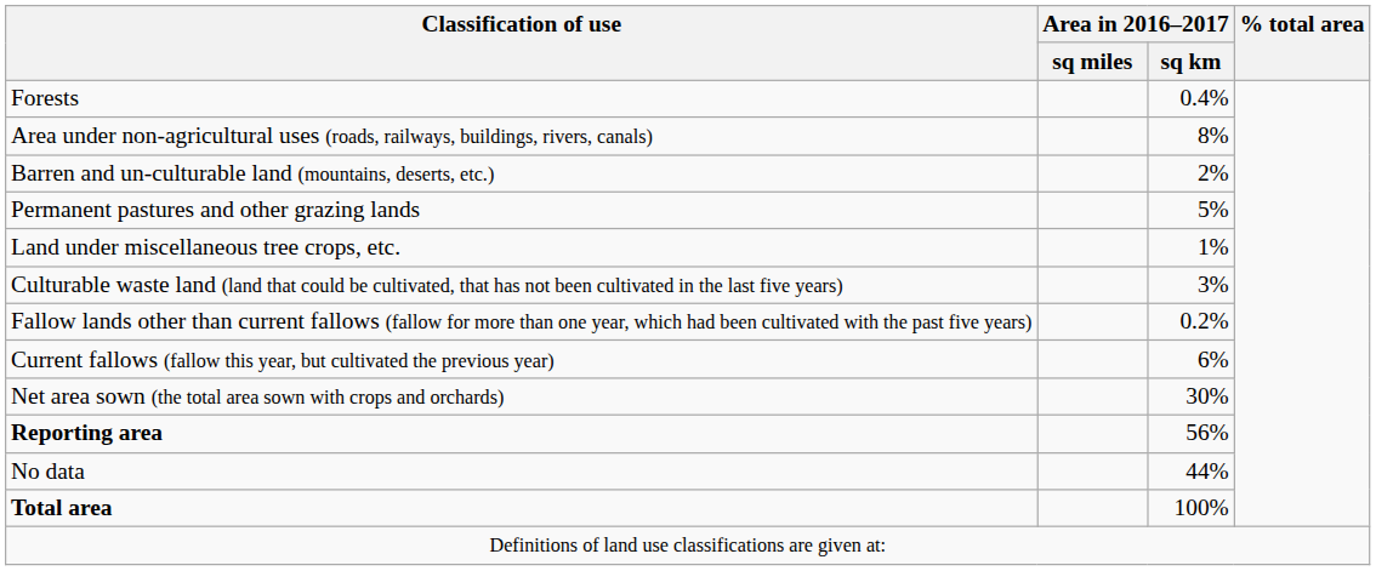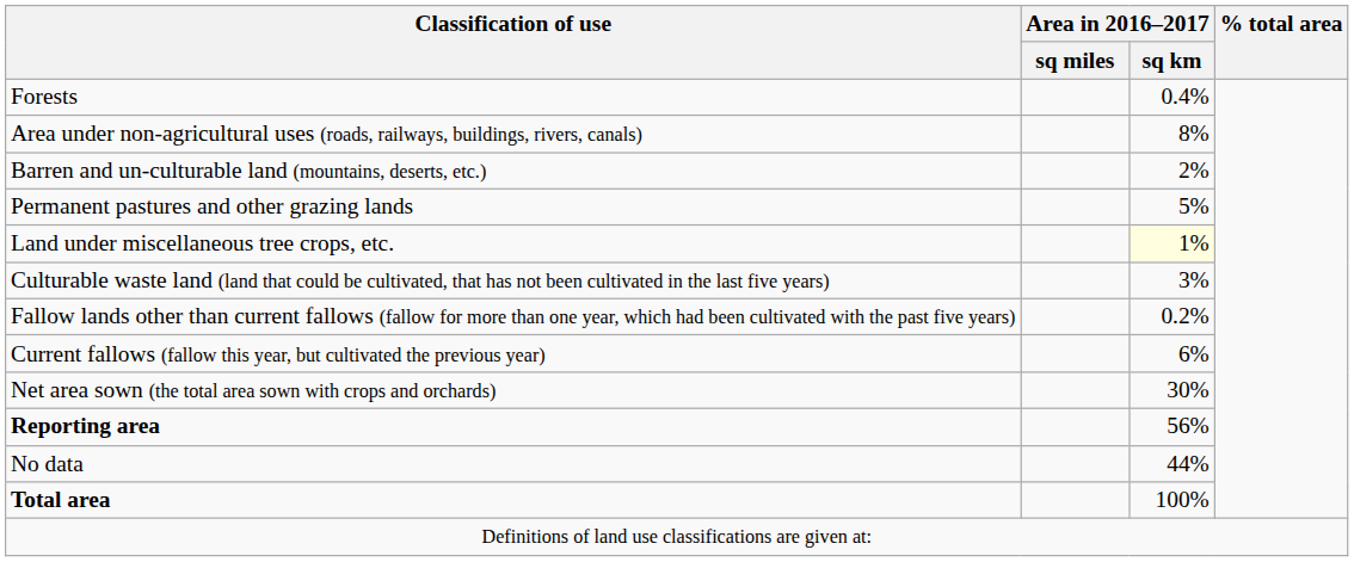 <table class="wikitable sortable mw-collapsible">
 <tr style="vertical-align:top;">
 <th rowspan=2>Classification of use</th>
 <th colspan=2>Area in 2016–2017</th>
 <th rowspan=2>% total area</th>
 </tr>
 <tr style="vertical-align:top;">
 <th>sq miles</th>
 <th>sq km</th>
 </tr>
 <tr style="vertical-align:top;">
 <td>Forests</td>
 <td></td>
 <td style="text-align:right">0.4%</td>
 </tr>
 <tr style="vertical-align:top;">
 <td>Area under non-agricultural uses <small>(roads, railways, buildings, rivers, canals)</small></td>
 <td></td>
 <td style="text-align:right">8%</td>
 </tr>
 <tr style="vertical-align:top;">
 <td>Barren and un-culturable land <small>(mountains, deserts, etc.)</small></td>
 <td></td>
 <td style="text-align:right">2%</td>
 </tr>
 <tr style="vertical-align:top;">
 <td>Permanent pastures and other grazing lands</td>
 <td></td>
 <td style="text-align:right">5%</td>
 </tr>
 <tr style="vertical-align:top;">
 <td>Land under miscellaneous tree crops, etc.</td>
 <td></td>
-<td style="text-align:right">1%</td>
+<td style="background: lightyellow; text-align:right">1%</td>
 </tr>
 <tr style="vertical-align:top;">
 <td>Culturable waste land <small>(land that could be cultivated, that has not been cultivated in the last five years)</small></td>
 <td></td>
 <td style="text-align:right">3%</td>
 </tr>
 <tr style="vertical-align:top;">
 <td>Fallow lands other than current fallows <small>(fallow for more than one year, which had been cultivated with the past five years)</small></td>
 <td></td>
 <td style="text-align:right">0.2%</td>
 </tr>
 <tr style="vertical-align:top;">
 <td>Current fallows <small>(fallow this year, but cultivated the previous year)</small></td>
 <td></td>
 <td style="text-align:right">6%</td>
 </tr>
 <tr style="vertical-align:top;">
 <td>Net area sown <small>(the total area sown with crops and orchards)</small></td>
 <td></td>
 <td style="text-align:right">30%</td>
 </tr>
 <tr style="vertical-align:top;" class=sortbottom>
 <td><strong>Reporting area</strong></td>
 <td></td>
 <td style="text-align:right">56%</td>
 </tr>
 <tr style="vertical-align:top;" class=sortbottom>
 <td>No data</td>
 <td></td>
 <td style="text-align:right">44%</td>
 </tr>
 <tr style="vertical-align:top;" class=sortbottom>
 <td><strong>Total area</strong></td>
 <td></td>
 <td style="text-align:right">100%</td>
 </tr>
 <tr style="vertical-align:top;" class=sortbottom>
 <td colspan=4 style="text-align:center"><small>Definitions of land use classifications are given at: </small></td>
 </tr>
 </table>
